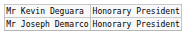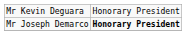 <table class="wikitable">
 <tr>
 <td> Mr Kevin Deguara</td>
 <td>Honorary President</td>
 </tr>
 <tr>
 <td> Mr Joseph Demarco</td>
-<td>Honorary President</td>
+<td><strong>Honorary President</strong></td>
 </tr>
 <tr>
 </tr>
 </table>
